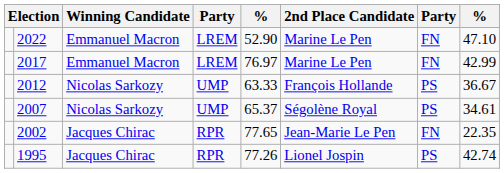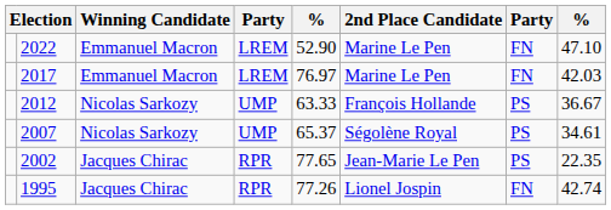 <table class="wikitable">
 <tr>
 <th colspan="2">Election</th>
 <th>Winning Candidate</th>
 <th>Party</th>
 <th>%</th>
 <th>2nd Place Candidate</th>
 <th>Party</th>
 <th>%</th>
 </tr>
 <tr>
 <td style="background-color: "></td>
 <td><a href='#'>2022</a></td>
 <td><a href='#'>Emmanuel Macron</a></td>
 <td><a href='#'>LREM</a></td>
 <td>52.90</td>
 <td><a href='#'>Marine Le Pen</a></td>
 <td><a href='#'>FN</a></td>
 <td>47.10</td>
 </tr>
 <tr>
 <td style="background-color: "></td>
 <td><a href='#'>2017</a></td>
 <td><a href='#'>Emmanuel Macron</a></td>
 <td><a href='#'>LREM</a></td>
 <td>76.97</td>
 <td><a href='#'>Marine Le Pen</a></td>
 <td><a href='#'>FN</a></td>
-<td>42.99</td>
+<td>42.03</td>
 </tr>
 <tr>
 <td style="background-color: "></td>
 <td><a href='#'>2012</a></td>
 <td><a href='#'>Nicolas Sarkozy</a></td>
 <td><a href='#'>UMP</a></td>
 <td>63.33</td>
 <td><a href='#'>François Hollande</a></td>
 <td><a href='#'>PS</a></td>
 <td>36.67</td>
 </tr>
 <tr>
 <td style="background-color: "></td>
 <td><a href='#'>2007</a></td>
 <td><a href='#'>Nicolas Sarkozy</a></td>
 <td><a href='#'>UMP</a></td>
 <td>65.37</td>
 <td><a href='#'>Ségolène Royal</a></td>
 <td><a href='#'>PS</a></td>
 <td>34.61</td>
 </tr>
 <tr>
 <td style="background-color: "></td>
 <td><a href='#'>2002</a></td>
 <td><a href='#'>Jacques Chirac</a></td>
 <td><a href='#'>RPR</a></td>
 <td>77.65</td>
 <td><a href='#'>Jean-Marie Le Pen</a></td>
-<td><a href='#'>FN</a></td>
+<td><a href='#'>PS</a></td>
 <td>22.35</td>
 </tr>
 <tr>
 <td style="background-color: "></td>
 <td><a href='#'>1995</a></td>
 <td><a href='#'>Jacques Chirac</a></td>
 <td><a href='#'>RPR</a></td>
 <td>77.26</td>
 <td><a href='#'>Lionel Jospin</a></td>
-<td><a href='#'>PS</a></td>
+<td><a href='#'>FN</a></td>
 <td>42.74</td>
 </tr>
 </table>
